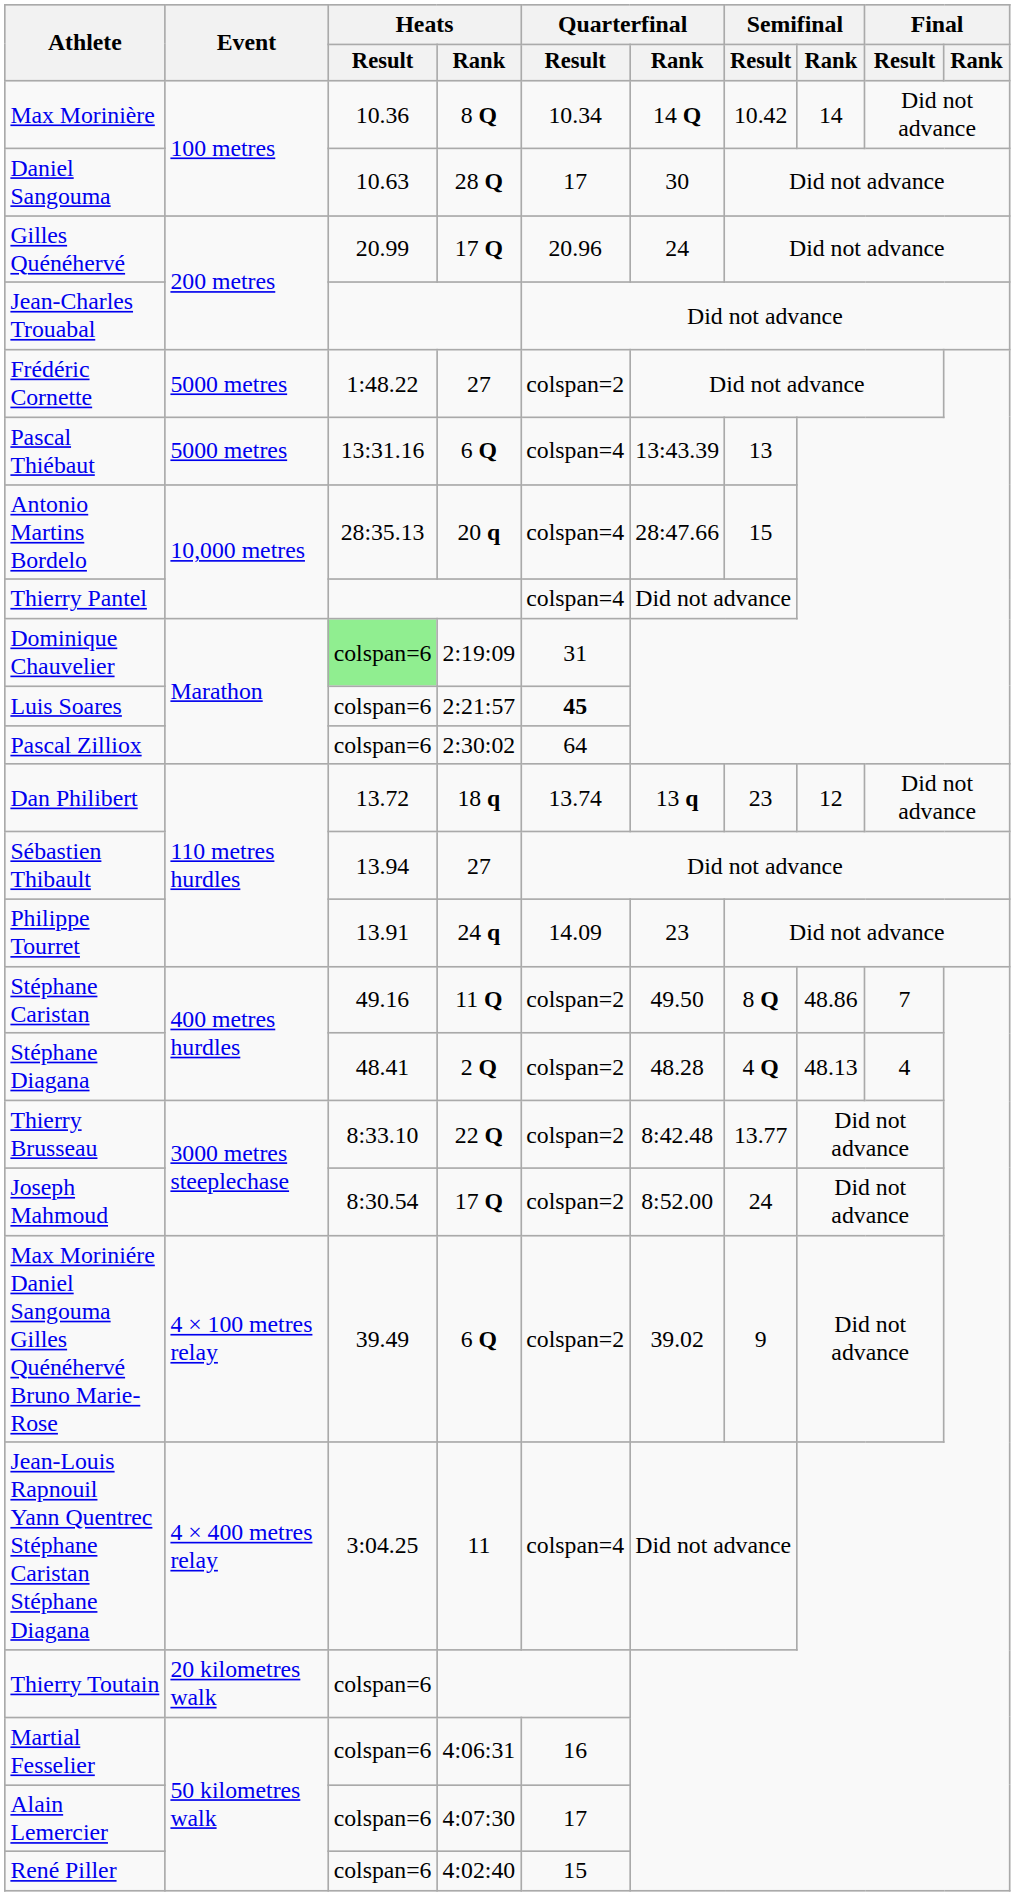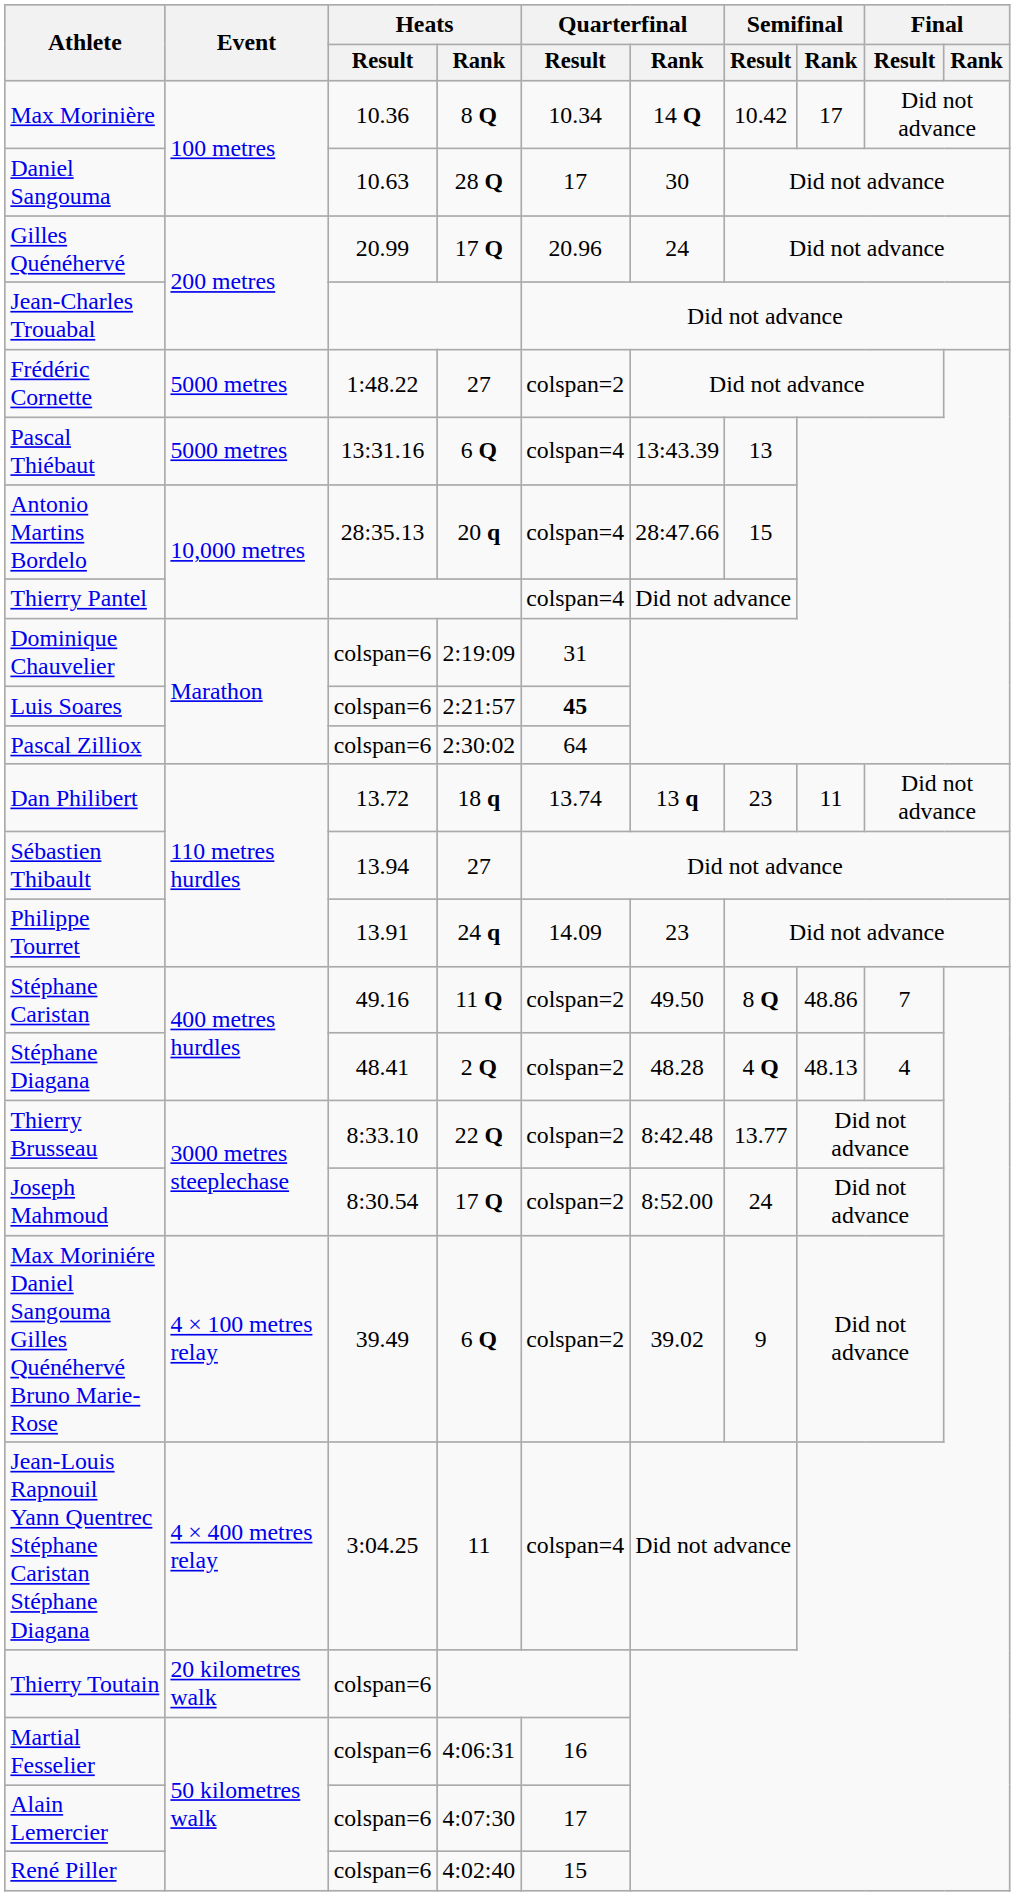 <table class="wikitable" style="font-size:90%">
 <tr>
 <th rowspan="2">Athlete</th>
 <th rowspan="2">Event</th>
 <th colspan="2">Heats</th>
 <th colspan="2">Quarterfinal</th>
 <th colspan="2">Semifinal</th>
 <th colspan="2">Final</th>
 </tr>
 <tr style="font-size:95%">
 <th>Result</th>
 <th>Rank</th>
 <th>Result</th>
 <th>Rank</th>
 <th>Result</th>
 <th>Rank</th>
 <th>Result</th>
 <th>Rank</th>
 </tr>
 <tr align=center>
 <td align=left><a href='#'>Max Morinière</a></td>
 <td align=left rowspan=2><a href='#'>100 metres</a></td>
 <td>10.36</td>
 <td>8 <strong>Q</strong></td>
 <td>10.34</td>
 <td>14 <strong>Q</strong></td>
 <td>10.42</td>
-<td>14</td>
+<td>17</td>
 <td colspan=2>Did not advance</td>
 </tr>
 <tr align=center>
 <td align=left><a href='#'>Daniel Sangouma</a></td>
 <td>10.63</td>
 <td>28 <strong>Q</strong></td>
 <td>17</td>
 <td>30</td>
 <td colspan=4>Did not advance</td>
 </tr>
 <tr align=center>
 <td align=left><a href='#'>Gilles Quénéhervé</a></td>
 <td align=left rowspan=2><a href='#'>200 metres</a></td>
 <td>20.99</td>
 <td>17 <strong>Q</strong></td>
 <td>20.96</td>
 <td>24</td>
 <td colspan=4>Did not advance</td>
 </tr>
 <tr align=center>
 <td align=left><a href='#'>Jean-Charles Trouabal</a></td>
 <td colspan=2></td>
 <td colspan=6>Did not advance</td>
 </tr>
 <tr align=center>
 <td align=left><a href='#'>Frédéric Cornette</a></td>
 <td align=left><a href='#'>5000 metres</a></td>
 <td>1:48.22</td>
 <td>27</td>
 <td>colspan=2</td>
 <td colspan=4>Did not advance</td>
 </tr>
 <tr align=center>
 <td align=left><a href='#'>Pascal Thiébaut</a></td>
 <td align=left><a href='#'>5000 metres</a></td>
 <td>13:31.16</td>
 <td>6 <strong>Q</strong></td>
 <td>colspan=4</td>
 <td>13:43.39</td>
 <td>13</td>
 </tr>
 <tr align=center>
 <td align=left><a href='#'>Antonio Martins Bordelo</a></td>
 <td align=left rowspan=2><a href='#'>10,000 metres</a></td>
 <td>28:35.13</td>
 <td>20 <strong>q</strong></td>
 <td>colspan=4</td>
 <td>28:47.66</td>
 <td>15</td>
 </tr>
 <tr align=center>
 <td align=left><a href='#'>Thierry Pantel</a></td>
 <td colspan=2></td>
 <td>colspan=4</td>
 <td colspan=2>Did not advance</td>
 </tr>
 <tr align=center>
 <td align=left><a href='#'>Dominique Chauvelier</a></td>
 <td align=left rowspan=3><a href='#'>Marathon</a></td>
-<td style="background: lightgreen;">colspan=6</td>
+<td>colspan=6</td>
 <td>2:19:09</td>
 <td>31</td>
 </tr>
 <tr align=center>
 <td align=left><a href='#'>Luis Soares</a></td>
 <td>colspan=6</td>
 <td>2:21:57</td>
 <td><strong>45</strong></td>
 </tr>
 <tr align=center>
 <td align=left><a href='#'>Pascal Zilliox</a></td>
 <td>colspan=6</td>
 <td>2:30:02</td>
 <td>64</td>
 </tr>
 <tr align=center>
 <td align=left><a href='#'>Dan Philibert</a></td>
 <td align=left rowspan=3><a href='#'>110 metres hurdles</a></td>
 <td>13.72</td>
 <td>18 <strong>q</strong></td>
 <td>13.74</td>
 <td>13 <strong>q</strong></td>
 <td>23</td>
-<td>12</td>
+<td>11</td>
 <td colspan=2>Did not advance</td>
 </tr>
 <tr align=center>
 <td align=left><a href='#'>Sébastien Thibault</a></td>
 <td>13.94</td>
 <td>27</td>
 <td colspan=6>Did not advance</td>
 </tr>
 <tr align=center>
 <td align=left><a href='#'>Philippe Tourret</a></td>
 <td>13.91</td>
 <td>24 <strong>q</strong></td>
 <td>14.09</td>
 <td>23</td>
 <td colspan=4>Did not advance</td>
 </tr>
 <tr align=center>
 <td align=left><a href='#'>Stéphane Caristan</a></td>
 <td align=left rowspan=2><a href='#'>400 metres hurdles</a></td>
 <td>49.16</td>
 <td>11 <strong>Q</strong></td>
 <td>colspan=2</td>
 <td>49.50</td>
 <td>8 <strong>Q</strong></td>
 <td>48.86</td>
 <td>7</td>
 </tr>
 <tr align=center>
 <td align=left><a href='#'>Stéphane Diagana</a></td>
 <td>48.41</td>
 <td>2 <strong>Q</strong></td>
 <td>colspan=2</td>
 <td>48.28</td>
 <td>4 <strong>Q</strong></td>
 <td>48.13</td>
 <td>4</td>
 </tr>
 <tr align=center>
 <td align=left><a href='#'>Thierry Brusseau</a></td>
 <td align=left rowspan=2><a href='#'>3000 metres steeplechase</a></td>
 <td>8:33.10</td>
 <td>22 <strong>Q</strong></td>
 <td>colspan=2</td>
 <td>8:42.48</td>
 <td>13.77</td>
 <td colspan=2>Did not advance</td>
 </tr>
 <tr align=center>
 <td align=left><a href='#'>Joseph Mahmoud</a></td>
 <td>8:30.54</td>
 <td>17 <strong>Q</strong></td>
 <td>colspan=2</td>
 <td>8:52.00</td>
 <td>24</td>
 <td colspan=2>Did not advance</td>
 </tr>
 <tr align=center>
 <td align=left><a href='#'>Max Moriniére</a><br><a href='#'>Daniel Sangouma</a><br><a href='#'>Gilles Quénéhervé</a><br><a href='#'>Bruno Marie-Rose</a></td>
 <td align=left><a href='#'>4 × 100 metres relay</a></td>
 <td>39.49</td>
 <td>6 <strong>Q</strong></td>
 <td>colspan=2</td>
 <td>39.02</td>
 <td>9</td>
 <td colspan=2>Did not advance</td>
 </tr>
 <tr align=center>
 <td align=left><a href='#'>Jean-Louis Rapnouil</a><br><a href='#'>Yann Quentrec</a><br><a href='#'>Stéphane Caristan</a><br><a href='#'>Stéphane Diagana</a></td>
 <td align=left><a href='#'>4 × 400 metres relay</a></td>
 <td>3:04.25</td>
 <td>11</td>
 <td>colspan=4</td>
 <td colspan=2>Did not advance</td>
 </tr>
 <tr align=center>
 <td align=left><a href='#'>Thierry Toutain</a></td>
 <td align=left><a href='#'>20 kilometres walk</a></td>
 <td>colspan=6</td>
 <td colspan=2></td>
 </tr>
 <tr align=center>
 <td align=left><a href='#'>Martial Fesselier</a></td>
 <td align=left rowspan=3><a href='#'>50 kilometres walk</a></td>
 <td>colspan=6</td>
 <td>4:06:31</td>
 <td>16</td>
 </tr>
 <tr align=center>
 <td align=left><a href='#'>Alain Lemercier</a></td>
 <td>colspan=6</td>
 <td>4:07:30</td>
 <td>17</td>
 </tr>
 <tr align=center>
 <td align=left><a href='#'>René Piller</a></td>
 <td>colspan=6</td>
 <td>4:02:40</td>
 <td>15</td>
 </tr>
 </table>
